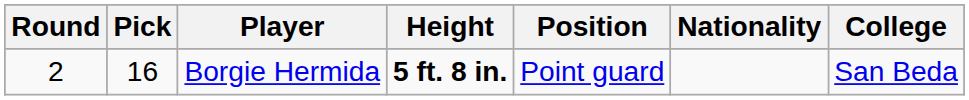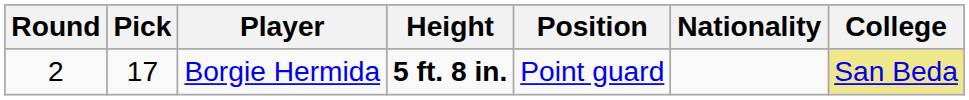 <table class="wikitable sortable sortable">
 <tr>
 <th>Round</th>
 <th>Pick</th>
 <th>Player</th>
 <th>Height</th>
 <th>Position</th>
 <th>Nationality</th>
 <th>College</th>
 </tr>
 <tr style="text-align: center">
 <td>2</td>
-<td>16</td>
+<td>17</td>
 <td><a href='#'>Borgie Hermida</a></td>
 <td><strong>5 ft. 8 in.</strong></td>
 <td><a href='#'>Point guard</a></td>
 <td></td>
-<td><a href='#'>San Beda</a></td>
+<td style="background: khaki;"><a href='#'>San Beda</a></td>
 </tr>
 </table>
